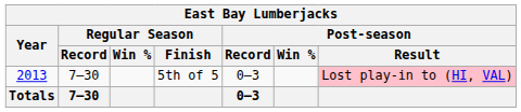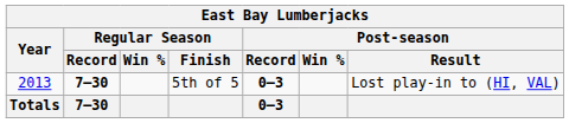 <table class="wikitable" style="margin: 1em auto; font-size: 95%; text-align:center;">
 <tr>
 <th colspan="9">East Bay Lumberjacks</th>
 </tr>
 <tr>
 <th rowspan="2">Year</th>
 <th colspan="3">Regular Season</th>
 <th colspan="6">Post-season</th>
 </tr>
 <tr>
 <th>Record</th>
 <th>Win %</th>
 <th>Finish</th>
 <th>Record</th>
 <th>Win %</th>
 <th>Result</th>
 </tr>
 <tr>
 <td><a href='#'>2013</a></td>
-<td>7–30</td>
+<td><strong>7–30</strong></td>
 <td></td>
 <td>5th of 5</td>
-<td>0–3</td>
+<td><strong>0–3</strong></td>
 <td></td>
-<td style="background: pink;">Lost play-in to (<a href='#'>HI</a>, <a href='#'>VAL</a>)</td>
+<td>Lost play-in to (<a href='#'>HI</a>, <a href='#'>VAL</a>)</td>
 </tr>
 <tr>
 <th>Totals</th>
 <th>7–30</th>
 <th></th>
 <th></th>
 <th>0–3</th>
 <th></th>
 <th></th>
 </tr>
 <tr>
 </tr>
 </table>
